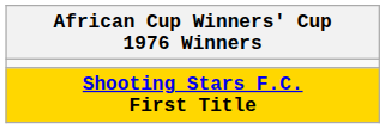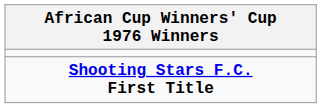 <table class="wikitable" style="text-align: center; margin: 0 auto; width: 20%">
 <tr>
 <th>African Cup Winners' Cup<br>1976 Winners</th>
 </tr>
 <tr>
 <td></td>
 </tr>
 <tr>
-<td style="background: gold;"><strong><a href='#'>Shooting Stars F.C.</a></strong><br><strong>First Title</strong></td>
+<td><strong><a href='#'>Shooting Stars F.C.</a></strong><br><strong>First Title</strong></td>
 </tr>
 </table>
